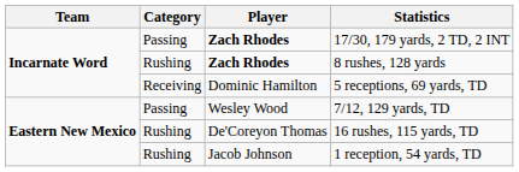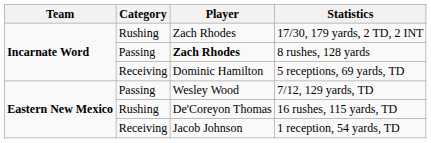 <table class="wikitable" style="float: left;">
 <tr>
 <th>Team</th>
 <th>Category</th>
 <th>Player</th>
 <th>Statistics</th>
 </tr>
 <tr>
 <td rowspan=3><strong>Incarnate Word</strong></td>
-<td>Passing</td>
-<td><strong>Zach Rhodes</strong></td>
+<td>Rushing</td>
+<td>Zach Rhodes</td>
 <td>17/30, 179 yards, 2 TD, 2 INT</td>
 </tr>
 <tr>
-<td>Rushing</td>
+<td>Passing</td>
 <td><strong>Zach Rhodes</strong></td>
 <td>8 rushes, 128 yards</td>
 </tr>
 <tr>
 <td>Receiving</td>
 <td>Dominic Hamilton</td>
 <td>5 receptions, 69 yards, TD</td>
 </tr>
 <tr>
 <td rowspan=3><strong>Eastern New Mexico</strong></td>
 <td>Passing</td>
 <td>Wesley Wood</td>
 <td>7/12, 129 yards, TD</td>
 </tr>
 <tr>
 <td>Rushing</td>
 <td>De'Coreyon Thomas</td>
 <td>16 rushes, 115 yards, TD</td>
 </tr>
 <tr>
-<td>Rushing</td>
+<td>Receiving</td>
 <td>Jacob Johnson</td>
 <td>1 reception, 54 yards, TD</td>
 </tr>
 </table>
